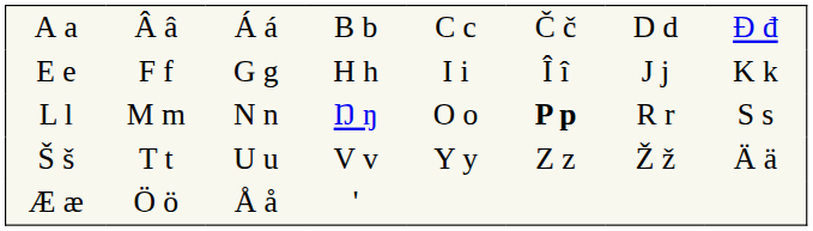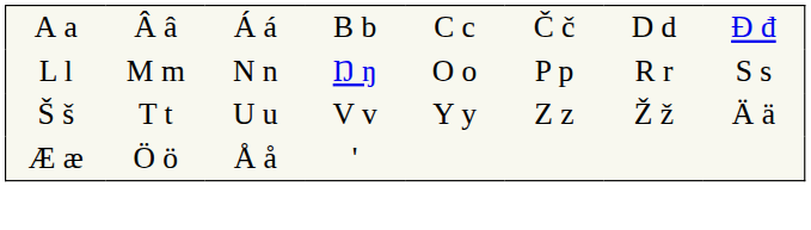 <table style="font-family:Arial Unicode MS; font-size:1.4em; border-color:#000000; border-width:1px; border-style:solid; border-collapse:collapse; background-color:#F8F8EF">
 <tr>
 <td style="width:3em; text-align:center; padding: 3px;">А а</td>
 <td style="width:3em; text-align:center; padding: 3px;">Â â</td>
 <td style="width:3em; text-align:center; padding: 3px;">Á á</td>
 <td style="width:3em; text-align:center; padding: 3px;">B b</td>
 <td style="width:3em; text-align:center; padding: 3px;">C c</td>
 <td style="width:3em; text-align:center; padding: 3px;">Č č</td>
 <td style="width:3em; text-align:center; padding: 3px;">D d</td>
 <td style="width:3em; text-align:center; padding: 3px;"><a href='#'>Đ đ</a></td>
 </tr>
 <tr>
-<td style="width:3em; text-align:center; padding: 3px;">E e</td>
-<td style="width:3em; text-align:center; padding: 3px;">F f</td>
-<td style="width:3em; text-align:center; padding: 3px;">G g</td>
-<td style="width:3em; text-align:center; padding: 3px;">H h</td>
-<td style="width:3em; text-align:center; padding: 3px;">I i</td>
-<td style="width:3em; text-align:center; padding: 3px;">Î î</td>
-<td style="width:3em; text-align:center; padding: 3px;">J j</td>
-<td style="width:3em; text-align:center; padding: 3px;">K k</td>
-</tr>
-<tr>
 <td style="width:3em; text-align:center; padding: 3px;">L l</td>
 <td style="width:3em; text-align:center; padding: 3px;">M m</td>
 <td style="width:3em; text-align:center; padding: 3px;">N n</td>
 <td style="width:3em; text-align:center; padding: 3px;"><a href='#'>Ŋ ŋ</a></td>
 <td style="width:3em; text-align:center; padding: 3px;">O o</td>
-<td style="width:3em; text-align:center; padding: 3px;"><strong>P p</strong></td>
+<td style="width:3em; text-align:center; padding: 3px;">P p</td>
 <td style="width:3em; text-align:center; padding: 3px;">R r</td>
 <td style="width:3em; text-align:center; padding: 3px;">S s</td>
 </tr>
 <tr>
 <td style="width:3em; text-align:center; padding: 3px;">Š š</td>
 <td style="width:3em; text-align:center; padding: 3px;">T t</td>
 <td style="width:3em; text-align:center; padding: 3px;">U u</td>
 <td style="width:3em; text-align:center; padding: 3px;">V v</td>
 <td style="width:3em; text-align:center; padding: 3px;">Y y</td>
 <td style="width:3em; text-align:center; padding: 3px;">Z z</td>
 <td style="width:3em; text-align:center; padding: 3px;">Ž ž</td>
 <td style="width:3em; text-align:center; padding: 3px;">Ä ä</td>
 </tr>
 <tr>
 <td style="width:3em; text-align:center; padding: 3px;">Æ æ</td>
 <td style="width:3em; text-align:center; padding: 3px;">Ö ö</td>
 <td style="width:3em; text-align:center; padding: 3px;">Å å</td>
 <td style="width:3em; text-align:center; padding: 3px;">'</td>
 <td></td>
 <td></td>
 <td></td>
 <td></td>
 </tr>
 </table>
